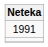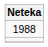 <table class="wikitable" style="margin: 0.5em auto; text-align: center;">
 <tr>
 <th colspan="1">Neteka</th>
 </tr>
 <tr>
-<td>1991</td>
+<td>1988</td>
 </tr>
 <tr>
 <td></td>
 </tr>
 <tr>
 </tr>
 </table>
